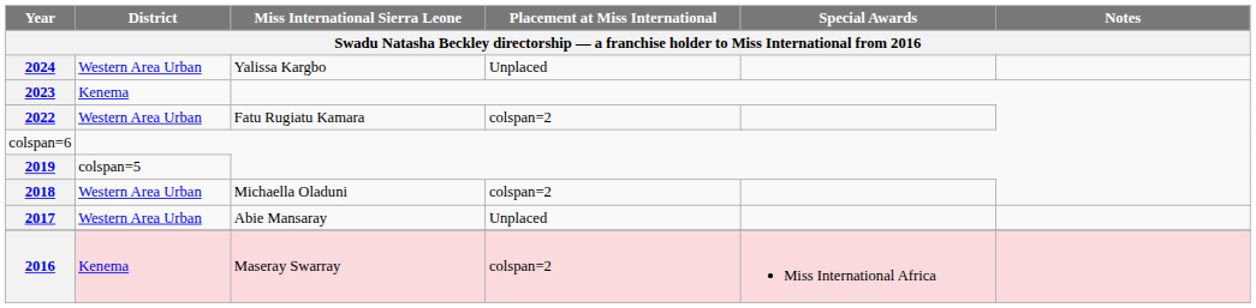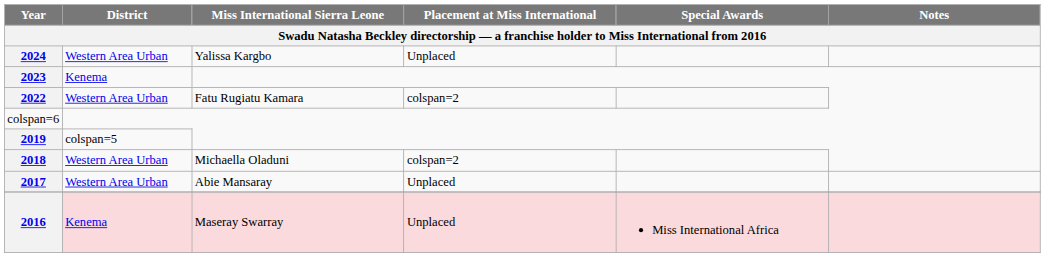 <table class="wikitable " style="font-size: 95%;">
 <tr>
 <th width="60" style="background-color:#787878;color:#FFFFFF;">Year</th>
 <th width="150" style="background-color:#787878;color:#FFFFFF;">District</th>
 <th width="250" style="background-color:#787878;color:#FFFFFF;">Miss International Sierra Leone</th>
 <th width="250" style="background-color:#787878;color:#FFFFFF;">Placement at Miss International</th>
 <th width="250" style="background-color:#787878;color:#FFFFFF;">Special Awards</th>
 <th width="250" style="background-color:#787878;color:#FFFFFF;">Notes</th>
 </tr>
 <tr>
 <th colspan="6">Swadu Natasha Beckley directorship — a franchise holder to Miss International from 2016</th>
 </tr>
 <tr>
 <th><a href='#'>2024</a></th>
 <td><a href='#'>Western Area Urban</a></td>
 <td>Yalissa Kargbo</td>
 <td>Unplaced</td>
 <td></td>
 <td></td>
 </tr>
 <tr>
 <th><a href='#'>2023</a></th>
 <td><a href='#'>Kenema</a></td>
 </tr>
 <tr>
 <th><a href='#'>2022</a></th>
 <td><a href='#'>Western Area Urban</a></td>
 <td>Fatu Rugiatu Kamara</td>
 <td>colspan=2 </td>
 <td></td>
 </tr>
 <tr>
 <td>colspan=6 </td>
 </tr>
 <tr>
 <th><a href='#'>2019</a></th>
 <td>colspan=5 </td>
 </tr>
 <tr>
 <th><a href='#'>2018</a></th>
 <td><a href='#'>Western Area Urban</a></td>
 <td>Michaella Oladuni</td>
 <td>colspan=2 </td>
 <td></td>
 </tr>
 <tr>
 <th><a href='#'>2017</a></th>
 <td><a href='#'>Western Area Urban</a></td>
 <td>Abie Mansaray</td>
 <td>Unplaced</td>
 <td></td>
 <td></td>
 </tr>
 <tr>
 </tr>
 <tr style="background-color:#FADADD;">
 <th><a href='#'>2016</a></th>
 <td><a href='#'>Kenema</a></td>
 <td>Maseray Swarray</td>
-<td>colspan=2 </td>
+<td>Unplaced</td>
 <td align="left"><br><ul><li>Miss International Africa</li></ul></td>
 <td></td>
 </tr>
 </table>
